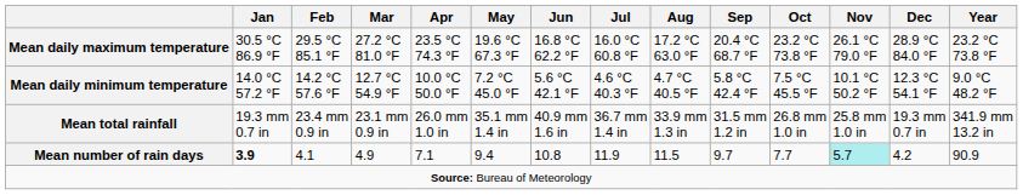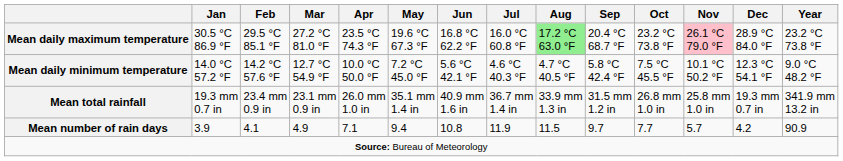 <table class="wikitable" style="width: 75%; margin: 0 auto 0 auto; font-size:80%;">
 <tr>
 <th></th>
 <th>Jan</th>
 <th>Feb</th>
 <th>Mar</th>
 <th>Apr</th>
 <th>May</th>
 <th>Jun</th>
 <th>Jul</th>
 <th>Aug</th>
 <th>Sep</th>
 <th>Oct</th>
 <th>Nov</th>
 <th>Dec</th>
 <th>Year</th>
 </tr>
 <tr>
 <th>Mean daily maximum temperature</th>
 <td>30.5 °C<br>86.9 °F</td>
 <td>29.5 °C<br>85.1 °F</td>
 <td>27.2 °C<br>81.0 °F</td>
 <td>23.5 °C<br>74.3 °F</td>
 <td>19.6 °C<br>67.3 °F</td>
 <td>16.8 °C<br>62.2 °F</td>
 <td>16.0 °C<br>60.8 °F</td>
-<td>17.2 °C<br>63.0 °F</td>
+<td style="background: lightgreen;">17.2 °C<br>63.0 °F</td>
 <td>20.4 °C<br>68.7 °F</td>
 <td>23.2 °C<br>73.8 °F</td>
-<td>26.1 °C<br>79.0 °F</td>
+<td style="background: pink;">26.1 °C<br>79.0 °F</td>
 <td>28.9 °C<br>84.0 °F</td>
 <td>23.2 °C<br>73.8 °F</td>
 </tr>
 <tr>
 <th>Mean daily minimum temperature</th>
 <td>14.0 °C<br>57.2 °F</td>
 <td>14.2 °C<br>57.6 °F</td>
 <td>12.7 °C<br>54.9 °F</td>
 <td>10.0 °C<br>50.0 °F</td>
 <td>7.2 °C<br>45.0 °F</td>
 <td>5.6 °C<br>42.1 °F</td>
 <td>4.6 °C<br>40.3 °F</td>
 <td>4.7 °C<br>40.5 °F</td>
 <td>5.8 °C<br>42.4 °F</td>
 <td>7.5 °C<br>45.5 °F</td>
 <td>10.1 °C<br>50.2 °F</td>
 <td>12.3 °C<br>54.1 °F</td>
 <td>9.0 °C<br>48.2 °F</td>
 </tr>
 <tr>
 <th>Mean total rainfall</th>
 <td>19.3 mm<br>0.7 in</td>
 <td>23.4 mm<br>0.9 in</td>
 <td>23.1 mm<br>0.9 in</td>
 <td>26.0 mm<br>1.0 in</td>
 <td>35.1 mm<br>1.4 in</td>
 <td>40.9 mm<br>1.6 in</td>
 <td>36.7 mm<br>1.4 in</td>
 <td>33.9 mm<br>1.3 in</td>
 <td>31.5 mm<br>1.2 in</td>
 <td>26.8 mm<br>1.0 in</td>
 <td>25.8 mm<br>1.0 in</td>
 <td>19.3 mm<br>0.7 in</td>
 <td>341.9 mm<br>13.2 in</td>
 </tr>
 <tr>
 <th>Mean number of rain days</th>
-<td><strong>3.9</strong></td>
+<td>3.9</td>
 <td>4.1</td>
 <td>4.9</td>
 <td>7.1</td>
 <td>9.4</td>
 <td>10.8</td>
 <td>11.9</td>
 <td>11.5</td>
 <td>9.7</td>
 <td>7.7</td>
-<td style="background: paleturquoise;">5.7</td>
+<td>5.7</td>
 <td>4.2</td>
 <td>90.9</td>
 </tr>
 <tr>
 <td colspan="15" style="text-align: center;"><small><strong>Source:</strong> Bureau of Meteorology</small></td>
 </tr>
 </table>
